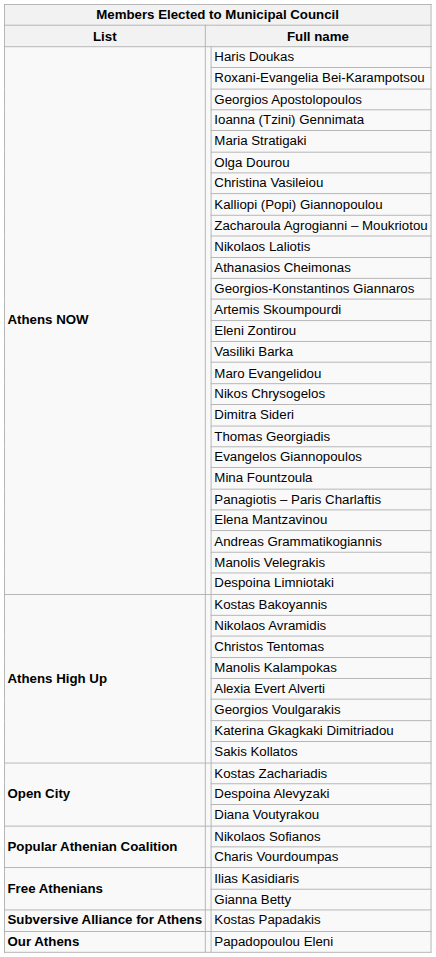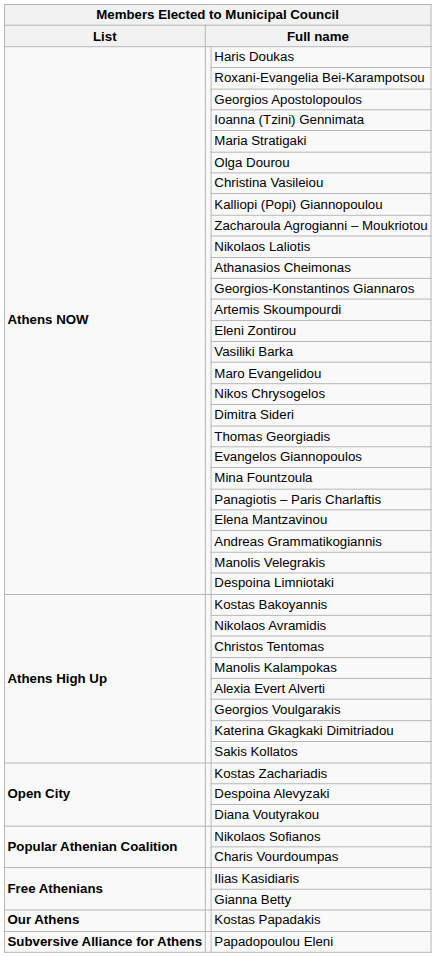 <table class="wikitable">
 <tr>
 <th colspan="3">Members Elected to Municipal Council</th>
 </tr>
 <tr>
 <th>List</th>
 <th colspan="2">Full name</th>
 </tr>
 <tr>
 <td rowspan="26"><strong>Athens NOW</strong></td>
 <td rowspan="26"></td>
 <td>Haris Doukas</td>
 </tr>
 <tr>
 <td>Roxani-Evangelia Bei-Karampotsou</td>
 </tr>
 <tr>
 <td>Georgios Apostolopoulos</td>
 </tr>
 <tr>
 <td>Ioanna (Tzini) Gennimata</td>
 </tr>
 <tr>
 <td>Maria Stratigaki</td>
 </tr>
 <tr>
 <td>Olga Dourou</td>
 </tr>
 <tr>
 <td>Christina Vasileiou</td>
 </tr>
 <tr>
 <td>Kalliopi (Popi) Giannopoulou</td>
 </tr>
 <tr>
 <td>Zacharoula Agrogianni – Moukriotou</td>
 </tr>
 <tr>
 <td>Nikolaos Laliotis</td>
 </tr>
 <tr>
 <td>Athanasios Cheimonas</td>
 </tr>
 <tr>
 <td>Georgios-Konstantinos Giannaros</td>
 </tr>
 <tr>
 <td>Artemis Skoumpourdi</td>
 </tr>
 <tr>
 <td>Eleni Zontirou</td>
 </tr>
 <tr>
 <td>Vasiliki Barka</td>
 </tr>
 <tr>
 <td>Maro Evangelidou</td>
 </tr>
 <tr>
 <td>Nikos Chrysogelos</td>
 </tr>
 <tr>
 <td>Dimitra Sideri</td>
 </tr>
 <tr>
 <td>Thomas Georgiadis</td>
 </tr>
 <tr>
 <td>Evangelos Giannopoulos</td>
 </tr>
 <tr>
 <td>Mina Fountzoula</td>
 </tr>
 <tr>
 <td>Panagiotis – Paris Charlaftis</td>
 </tr>
 <tr>
 <td>Elena Mantzavinou</td>
 </tr>
 <tr>
 <td>Andreas Grammatikogiannis</td>
 </tr>
 <tr>
 <td>Manolis Velegrakis</td>
 </tr>
 <tr>
 <td>Despoina Limniotaki</td>
 </tr>
 <tr>
 <td rowspan="8"><strong>Athens High Up</strong></td>
 <td rowspan="8"></td>
 <td>Kostas Bakoyannis</td>
 </tr>
 <tr>
 <td>Nikolaos Avramidis</td>
 </tr>
 <tr>
 <td>Christos Tentomas</td>
 </tr>
 <tr>
 <td>Manolis Kalampokas</td>
 </tr>
 <tr>
 <td>Alexia Evert Alverti</td>
 </tr>
 <tr>
 <td>Georgios Voulgarakis</td>
 </tr>
 <tr>
 <td>Katerina Gkagkaki Dimitriadou</td>
 </tr>
 <tr>
 <td>Sakis Kollatos</td>
 </tr>
 <tr>
 <td rowspan="3"><strong>Open City</strong></td>
 <td rowspan="3"></td>
 <td>Kostas Zachariadis</td>
 </tr>
 <tr>
 <td>Despoina Alevyzaki</td>
 </tr>
 <tr>
 <td>Diana Voutyrakou</td>
 </tr>
 <tr>
 <td rowspan="2"><strong>Popular Athenian Coalition</strong></td>
 <td rowspan="2"></td>
 <td>Nikolaos Sofianos</td>
 </tr>
 <tr>
 <td>Charis Vourdoumpas</td>
 </tr>
 <tr>
 <td rowspan="2"><strong>Free Athenians</strong></td>
 <td rowspan="2"></td>
 <td>Ilias Kasidiaris</td>
 </tr>
 <tr>
 <td>Gianna Betty</td>
 </tr>
 <tr>
-<td><strong>Subversive Alliance for Athens</strong></td>
+<td><strong>Our Athens</strong></td>
 <td></td>
 <td>Kostas Papadakis</td>
 </tr>
 <tr>
-<td><strong>Our Athens</strong></td>
+<td><strong>Subversive Alliance for Athens</strong></td>
 <td></td>
 <td>Papadopoulou Eleni</td>
 </tr>
 </table>
